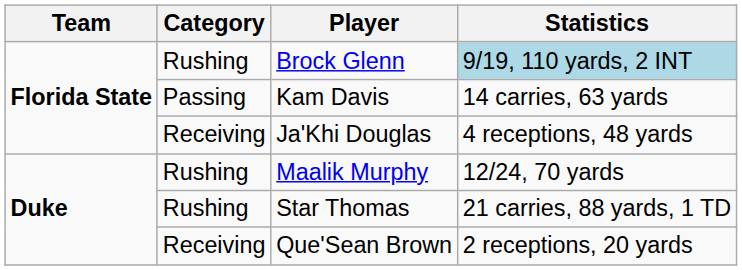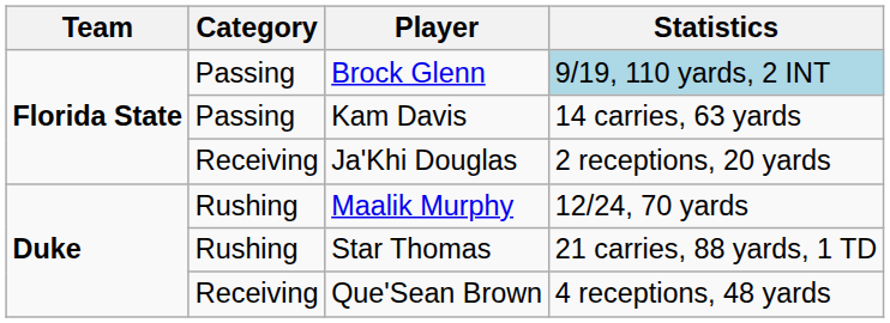 <table class="wikitable" style="float: right;">
 <tr>
 <th>Team</th>
 <th>Category</th>
 <th>Player</th>
 <th>Statistics</th>
 </tr>
 <tr>
 <td rowspan=3><strong>Florida State</strong></td>
-<td>Rushing</td>
+<td>Passing</td>
 <td><a href='#'>Brock Glenn</a></td>
 <td style="background: lightblue;">9/19, 110 yards, 2 INT</td>
 </tr>
 <tr>
 <td>Passing</td>
 <td>Kam Davis</td>
 <td>14 carries, 63 yards</td>
 </tr>
 <tr>
 <td>Receiving</td>
 <td>Ja'Khi Douglas</td>
-<td>4 receptions, 48 yards</td>
+<td>2 receptions, 20 yards</td>
 </tr>
 <tr>
 <td rowspan=3><strong>Duke</strong></td>
 <td>Rushing</td>
 <td><a href='#'>Maalik Murphy</a></td>
 <td>12/24, 70 yards</td>
 </tr>
 <tr>
 <td>Rushing</td>
 <td>Star Thomas</td>
 <td>21 carries, 88 yards, 1 TD</td>
 </tr>
 <tr>
 <td>Receiving</td>
 <td>Que'Sean Brown</td>
-<td>2 receptions, 20 yards</td>
+<td>4 receptions, 48 yards</td>
 </tr>
 </table>
